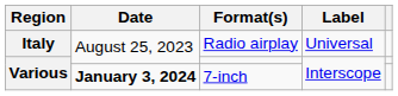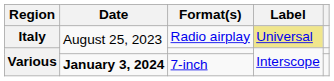 <table class="wikitable plainrowheaders">
 <tr>
 <th scope="col">Region</th>
 <th scope="col">Date</th>
 <th scope="col">Format(s)</th>
 <th scope="col">Label</th>
 <th scope="col"></th>
 </tr>
 <tr>
 <th scope="row">Italy</th>
 <td rowspan="2">August 25, 2023</td>
 <td><a href='#'>Radio airplay</a></td>
-<td><a href='#'>Universal</a></td>
+<td style="background: khaki;"><a href='#'>Universal</a></td>
 <td style="text-align:center;"></td>
 </tr>
 <tr>
 <th scope="row" rowspan="2">Various</th>
 <td></td>
 <td rowspan="2"><a href='#'>Interscope</a></td>
 <td style="text-align:center;"></td>
 </tr>
 <tr>
 <td><strong>January 3, 2024</strong></td>
 <td><a href='#'>7-inch</a></td>
 <td style="text-align:center;"></td>
 </tr>
 </table>
